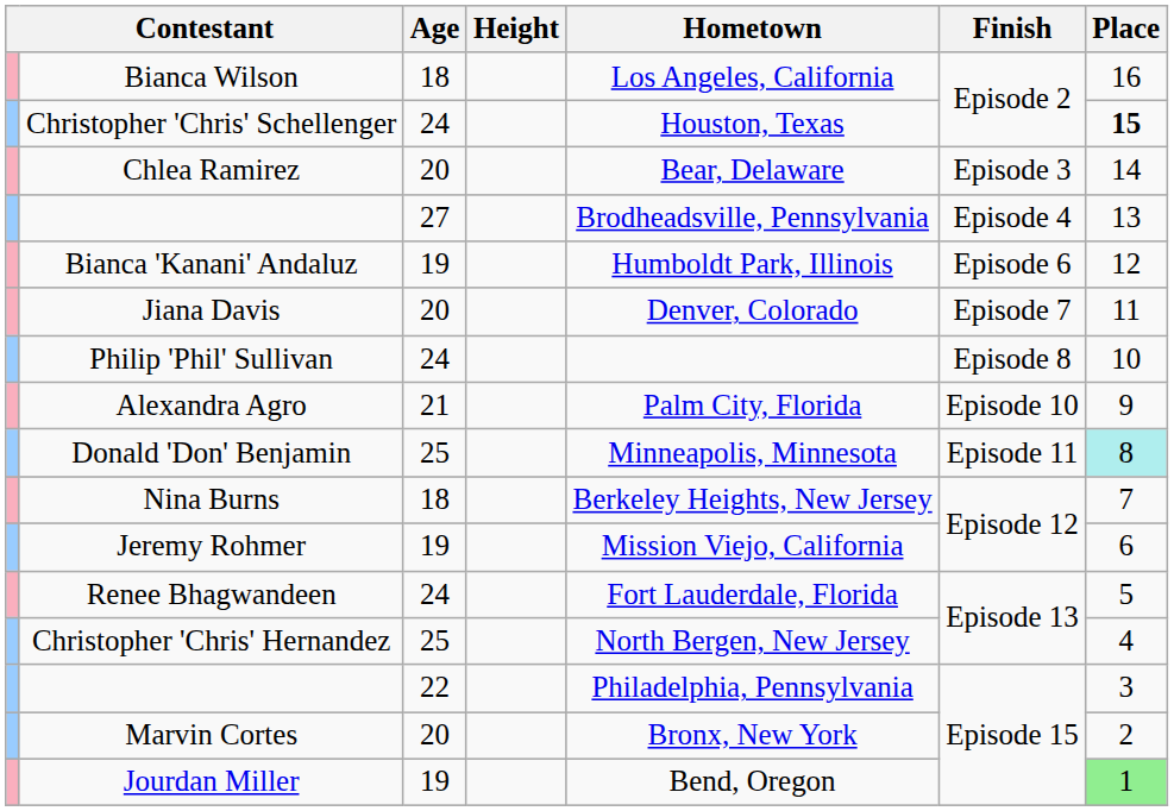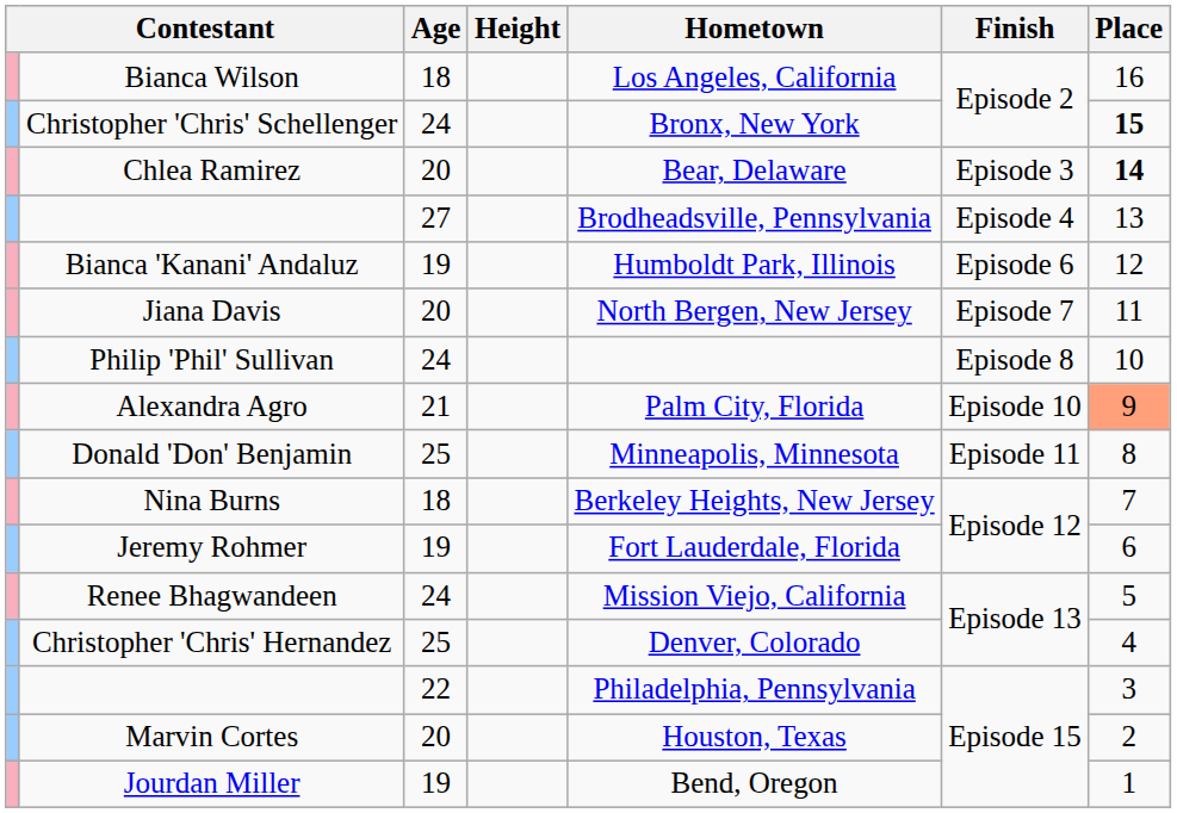 <table class="wikitable sortable" style="text-align:center;">
 <tr>
 <th colspan="2">Contestant</th>
 <th>Age</th>
 <th>Height</th>
 <th>Hometown</th>
 <th>Finish</th>
 <th>Place</th>
 </tr>
 <tr>
 <td style="background:#faafbe"></td>
 <td>Bianca Wilson</td>
 <td>18</td>
 <td></td>
 <td><a href='#'>Los Angeles, California</a></td>
 <td rowspan="2">Episode 2</td>
 <td>16</td>
 </tr>
 <tr>
 <td style="background:#9cf;"></td>
 <td nowrap>Christopher 'Chris' Schellenger</td>
 <td>24</td>
 <td></td>
-<td><a href='#'>Houston, Texas</a></td>
+<td><a href='#'>Bronx, New York</a></td>
 <td><strong>15</strong></td>
 </tr>
 <tr>
 <td style="background:#faafbe"></td>
 <td>Chlea Ramirez</td>
 <td>20</td>
 <td></td>
 <td><a href='#'>Bear, Delaware</a></td>
 <td>Episode 3</td>
-<td>14</td>
+<td><strong>14</strong></td>
 </tr>
 <tr>
 <td style="background:#9cf;"></td>
 <td></td>
 <td>27</td>
 <td></td>
 <td><a href='#'>Brodheadsville, Pennsylvania</a></td>
 <td>Episode 4</td>
 <td>13</td>
 </tr>
 <tr>
 <td style="background:#faafbe"></td>
 <td>Bianca 'Kanani' Andaluz</td>
 <td>19</td>
 <td></td>
 <td><a href='#'>Humboldt Park, Illinois</a></td>
 <td>Episode 6</td>
 <td>12</td>
 </tr>
 <tr>
 <td style="background:#faafbe"></td>
 <td>Jiana Davis</td>
 <td>20</td>
 <td></td>
-<td><a href='#'>Denver, Colorado</a></td>
+<td><a href='#'>North Bergen, New Jersey</a></td>
 <td>Episode 7</td>
 <td>11</td>
 </tr>
 <tr>
 <td style="background:#9cf;"></td>
 <td>Philip 'Phil' Sullivan</td>
 <td>24</td>
 <td></td>
 <td></td>
 <td>Episode 8</td>
 <td>10</td>
 </tr>
 <tr>
 <td style="background:#faafbe"></td>
 <td>Alexandra Agro</td>
 <td>21</td>
 <td></td>
 <td><a href='#'>Palm City, Florida</a></td>
 <td nowrap>Episode 10</td>
-<td>9</td>
+<td style="background: lightsalmon;">9</td>
 </tr>
 <tr>
 <td style="background:#9cf;"></td>
 <td>Donald 'Don' Benjamin</td>
 <td>25</td>
 <td></td>
 <td><a href='#'>Minneapolis, Minnesota</a></td>
 <td>Episode 11</td>
-<td style="background: paleturquoise;">8</td>
+<td>8</td>
 </tr>
 <tr>
 <td style="background:#faafbe"></td>
 <td>Nina Burns</td>
 <td>18</td>
 <td></td>
 <td><a href='#'>Berkeley Heights, New Jersey</a></td>
 <td rowspan="2">Episode 12</td>
 <td>7</td>
 </tr>
 <tr>
 <td style="background:#9cf;"></td>
 <td>Jeremy Rohmer</td>
 <td>19</td>
 <td></td>
-<td><a href='#'>Mission Viejo, California</a></td>
+<td><a href='#'>Fort Lauderdale, Florida</a></td>
 <td>6</td>
 </tr>
 <tr>
 <td style="background:#faafbe"></td>
 <td>Renee Bhagwandeen</td>
 <td>24</td>
 <td></td>
-<td><a href='#'>Fort Lauderdale, Florida</a></td>
+<td><a href='#'>Mission Viejo, California</a></td>
 <td rowspan="2">Episode 13</td>
 <td>5</td>
 </tr>
 <tr>
 <td style="background:#9cf;"></td>
 <td>Christopher 'Chris' Hernandez</td>
 <td>25</td>
 <td></td>
-<td><a href='#'>North Bergen, New Jersey</a></td>
+<td><a href='#'>Denver, Colorado</a></td>
 <td>4</td>
 </tr>
 <tr>
 <td style="background:#9cf;"></td>
 <td></td>
 <td>22</td>
 <td></td>
 <td><a href='#'>Philadelphia, Pennsylvania</a></td>
 <td rowspan="3">Episode 15</td>
 <td>3</td>
 </tr>
 <tr>
 <td style="background:#9cf;"></td>
 <td>Marvin Cortes</td>
 <td>20</td>
 <td></td>
-<td><a href='#'>Bronx, New York</a></td>
+<td><a href='#'>Houston, Texas</a></td>
 <td>2</td>
 </tr>
 <tr>
 <td style="background:#faafbe"></td>
 <td><a href='#'>Jourdan Miller</a></td>
 <td>19</td>
 <td></td>
 <td>Bend, Oregon</td>
-<td style="background: lightgreen;">1</td>
+<td>1</td>
 </tr>
 </table>
